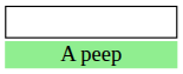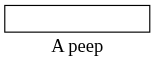 <table style="margin:1em;width: 130px; float:right;">
 <tr>
 <td style="border: solid thin; padding: 2px;"><br></td>
 </tr>
 <tr>
-<td style="background: lightgreen; text-align:center">A peep</td>
+<td style="text-align:center">A peep</td>
 </tr>
 </table>
